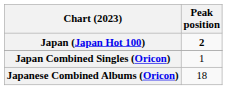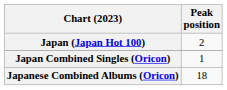 <table class="wikitable sortable plainrowheaders" style="text-align:center">
 <tr>
 <th scope="col">Chart (2023)</th>
 <th scope="col">Peak<br>position</th>
 </tr>
 <tr>
 <th scope="row">Japan (<a href='#'>Japan Hot 100</a>)</th>
-<td><strong>2</strong></td>
+<td>2</td>
 </tr>
 <tr>
 </tr>
 <tr>
 <th scope="row">Japan Combined Singles (<a href='#'>Oricon</a>)</th>
 <td>1</td>
 </tr>
 <tr>
 <th scope="row">Japanese Combined Albums (<a href='#'>Oricon</a>)</th>
 <td>18</td>
 </tr>
 </table>
